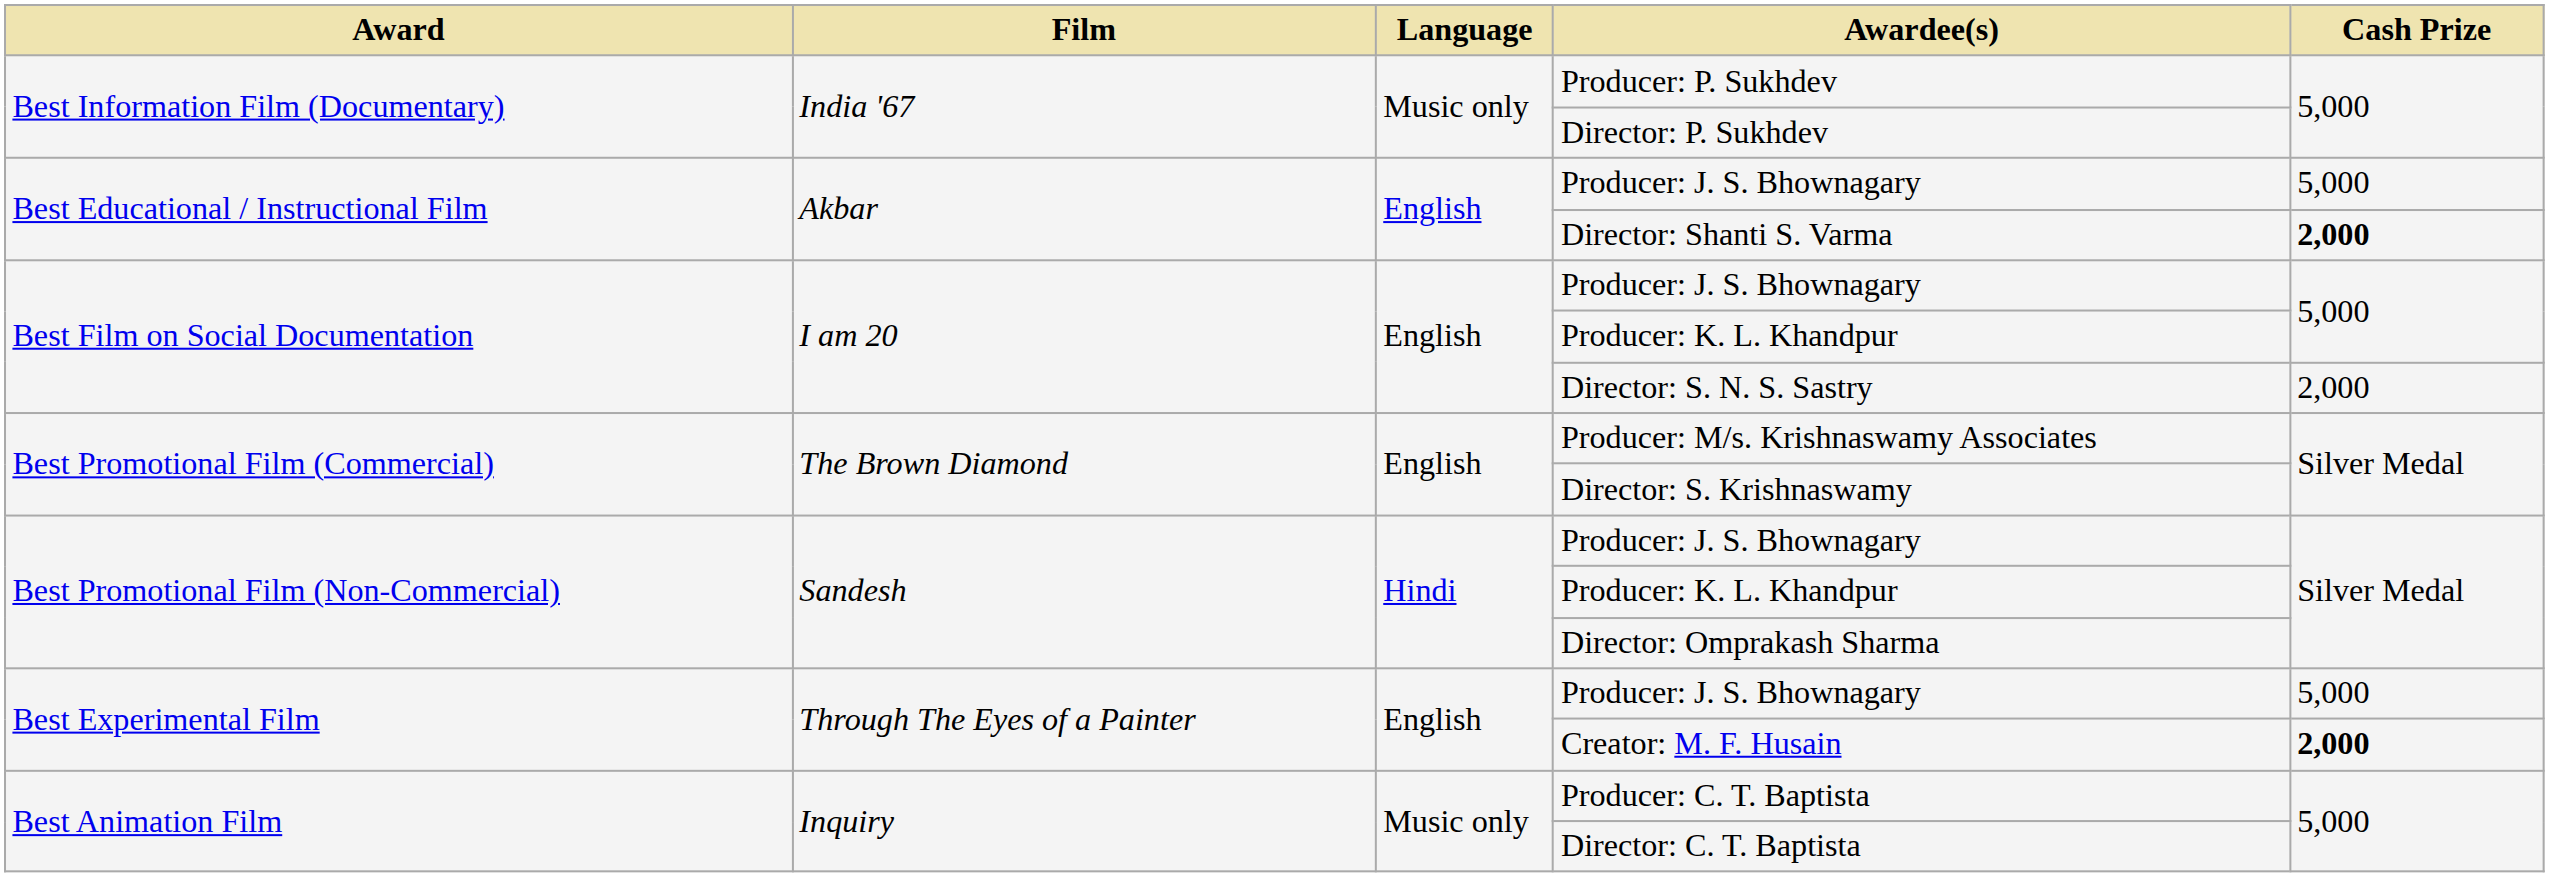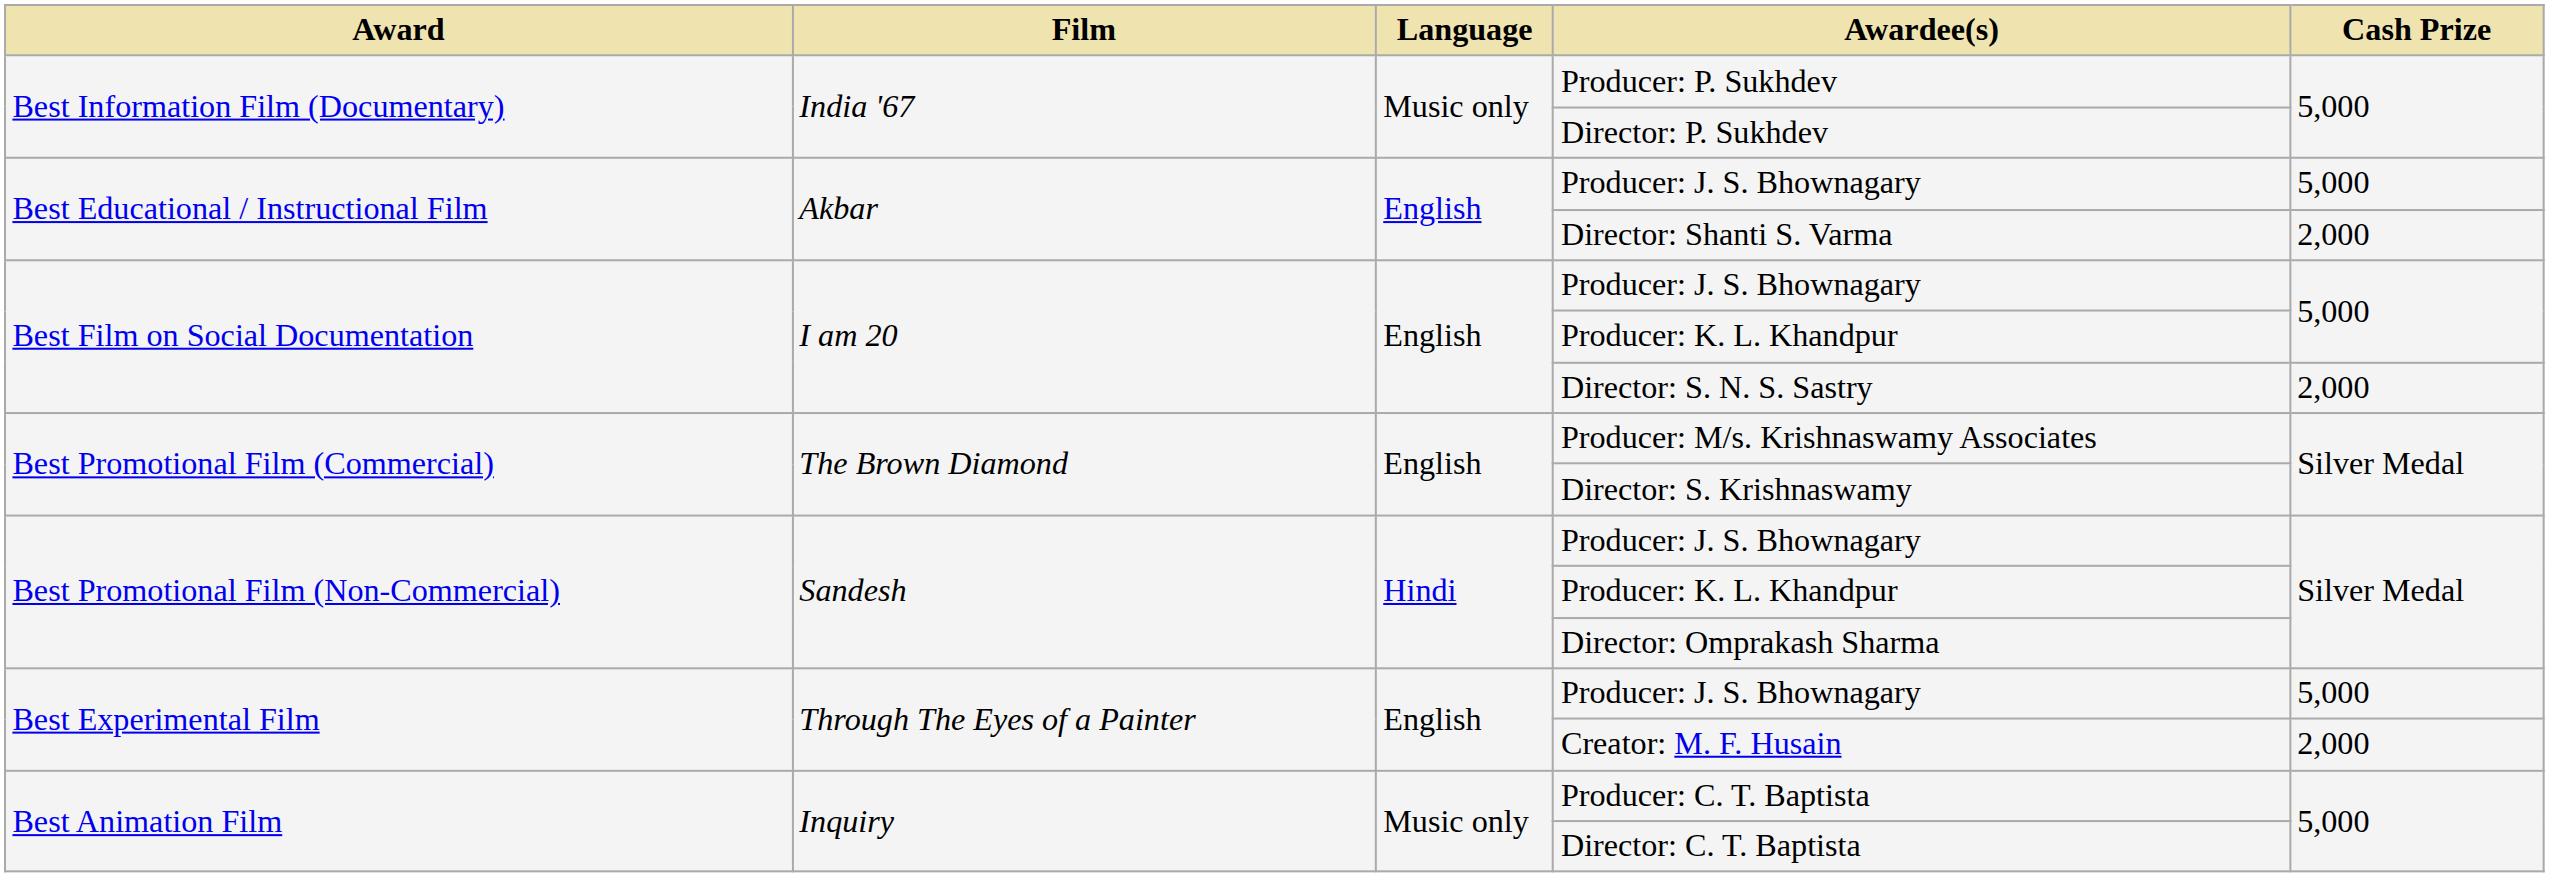 <table class="wikitable sortable" style="width:100%;">
 <tr>
 <th style="background-color:#EFE4B0;width:31%;">Award</th>
 <th style="background-color:#EFE4B0;width:23%;">Film</th>
 <th style="background-color:#EFE4B0;width:7%;">Language</th>
 <th style="background-color:#EFE4B0;width:29%;">Awardee(s)</th>
 <th style="background-color:#EFE4B0;width:10%;">Cash Prize</th>
 </tr>
 <tr style="background-color:#F4F4F4">
 <td rowspan="2"><a href='#'>Best Information Film (Documentary)</a></td>
 <td rowspan="2"><em>India '67</em></td>
 <td rowspan="2">Music only</td>
 <td>Producer: P. Sukhdev</td>
 <td rowspan="2">5,000</td>
 </tr>
 <tr style="background-color:#F4F4F4">
 <td>Director: P. Sukhdev</td>
 </tr>
 <tr style="background-color:#F4F4F4">
 <td rowspan="2"><a href='#'>Best Educational / Instructional Film</a></td>
 <td rowspan="2"><em>Akbar</em></td>
 <td rowspan="2"><a href='#'>English</a></td>
 <td>Producer: J. S. Bhownagary </td>
 <td>5,000</td>
 </tr>
 <tr style="background-color:#F4F4F4">
 <td>Director: Shanti S. Varma</td>
-<td><strong>2,000</strong></td>
+<td>2,000</td>
 </tr>
 <tr style="background-color:#F4F4F4">
 <td rowspan="3"><a href='#'>Best Film on Social Documentation</a></td>
 <td rowspan="3"><em>I am 20</em></td>
 <td rowspan="3">English</td>
 <td>Producer: J. S. Bhownagary </td>
 <td rowspan="2">5,000</td>
 </tr>
 <tr style="background-color:#F4F4F4">
 <td>Producer: K. L. Khandpur </td>
 </tr>
 <tr style="background-color:#F4F4F4">
 <td>Director: S. N. S. Sastry</td>
 <td>2,000</td>
 </tr>
 <tr style="background-color:#F4F4F4">
 <td rowspan="2"><a href='#'>Best Promotional Film (Commercial)</a></td>
 <td rowspan="2"><em>The Brown Diamond</em></td>
 <td rowspan="2">English</td>
 <td>Producer: M/s. Krishnaswamy Associates</td>
 <td rowspan="2">Silver Medal</td>
 </tr>
 <tr style="background-color:#F4F4F4">
 <td>Director: S. Krishnaswamy</td>
 </tr>
 <tr style="background-color:#F4F4F4">
 <td rowspan="3"><a href='#'>Best Promotional Film (Non-Commercial)</a></td>
 <td rowspan="3"><em>Sandesh</em></td>
 <td rowspan="3"><a href='#'>Hindi</a></td>
 <td>Producer: J. S. Bhownagary </td>
 <td rowspan="3">Silver Medal</td>
 </tr>
 <tr style="background-color:#F4F4F4">
 <td>Producer: K. L. Khandpur </td>
 </tr>
 <tr style="background-color:#F4F4F4">
 <td>Director: Omprakash Sharma</td>
 </tr>
 <tr style="background-color:#F4F4F4">
 <td rowspan="2"><a href='#'>Best Experimental Film</a></td>
 <td rowspan="2"><em>Through The Eyes of a Painter</em></td>
 <td rowspan="2">English</td>
 <td>Producer: J. S. Bhownagary </td>
 <td>5,000</td>
 </tr>
 <tr style="background-color:#F4F4F4">
 <td>Creator: <a href='#'>M. F. Husain</a></td>
-<td><strong>2,000</strong></td>
+<td>2,000</td>
 </tr>
 <tr style="background-color:#F4F4F4">
 <td rowspan="2"><a href='#'>Best Animation Film</a></td>
 <td rowspan="2"><em>Inquiry</em></td>
 <td rowspan="2">Music only</td>
 <td>Producer: C. T. Baptista</td>
 <td rowspan="2">5,000</td>
 </tr>
 <tr style="background-color:#F4F4F4">
 <td>Director: C. T. Baptista</td>
 </tr>
 </table>
